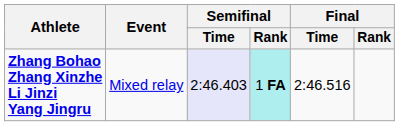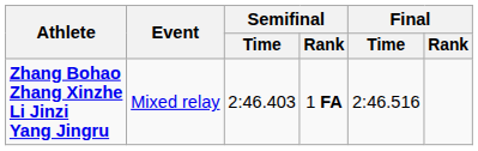 <table class="wikitable" style="font-size:90%">
 <tr>
 <th rowspan=2>Athlete</th>
 <th rowspan=2>Event</th>
 <th colspan=2>Semifinal</th>
 <th colspan=2>Final</th>
 </tr>
 <tr style="font-size:95%">
 <th>Time</th>
 <th>Rank</th>
 <th>Time</th>
 <th>Rank</th>
 </tr>
 <tr align=center>
 <td align=left><strong><a href='#'>Zhang Bohao</a><br><a href='#'>Zhang Xinzhe</a><br><a href='#'>Li Jinzi</a><br><a href='#'>Yang Jingru</a></strong></td>
 <td align=left><a href='#'>Mixed relay</a></td>
-<td style="background: lavender;">2:46.403</td>
-<td style="background: paleturquoise;">1 <strong>FA</strong></td>
+<td>2:46.403</td>
+<td>1 <strong>FA</strong></td>
 <td>2:46.516</td>
 <td></td>
 </tr>
 </table>
